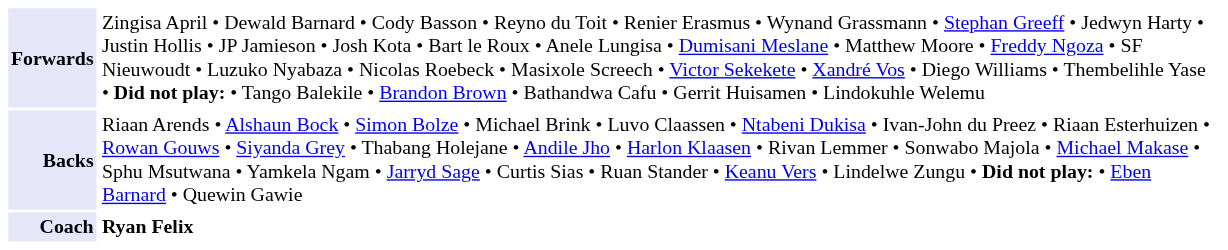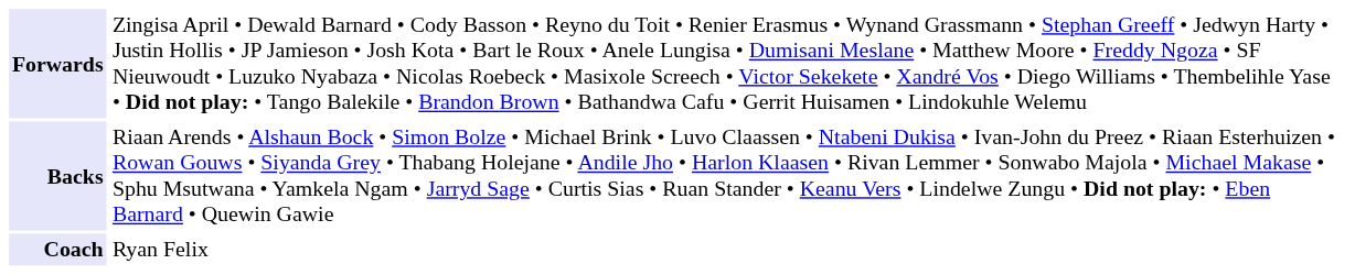 <table cellpadding="2" style="border: 1px solid white; font-size:90%;">
 <tr>
 <td style="text-align:right;" bgcolor="lavender"><strong>Forwards</strong></td>
 <td style="text-align:left;">Zingisa April • Dewald Barnard • Cody Basson • Reyno du Toit • Renier Erasmus • Wynand Grassmann • <a href='#'>Stephan Greeff</a> • Jedwyn Harty • Justin Hollis • JP Jamieson • Josh Kota • Bart le Roux • Anele Lungisa • <a href='#'>Dumisani Meslane</a> • Matthew Moore • <a href='#'>Freddy Ngoza</a> • SF Nieuwoudt • Luzuko Nyabaza • Nicolas Roebeck • Masixole Screech • <a href='#'>Victor Sekekete</a> • <a href='#'>Xandré Vos</a> • Diego Williams • Thembelihle Yase • <strong>Did not play:</strong> • Tango Balekile • <a href='#'>Brandon Brown</a> • Bathandwa Cafu • Gerrit Huisamen • Lindokuhle Welemu</td>
 </tr>
 <tr>
 <td style="text-align:right;" bgcolor="lavender"><strong>Backs</strong></td>
 <td style="text-align:left;">Riaan Arends • <a href='#'>Alshaun Bock</a> • <a href='#'>Simon Bolze</a> • Michael Brink • Luvo Claassen • <a href='#'>Ntabeni Dukisa</a> • Ivan-John du Preez • Riaan Esterhuizen • <a href='#'>Rowan Gouws</a> • <a href='#'>Siyanda Grey</a> • Thabang Holejane • <a href='#'>Andile Jho</a> • <a href='#'>Harlon Klaasen</a> • Rivan Lemmer • Sonwabo Majola • <a href='#'>Michael Makase</a> • Sphu Msutwana • Yamkela Ngam • <a href='#'>Jarryd Sage</a> • Curtis Sias • Ruan Stander • <a href='#'>Keanu Vers</a> • Lindelwe Zungu • <strong>Did not play:</strong> • <a href='#'>Eben Barnard</a> • Quewin Gawie</td>
 </tr>
 <tr>
 <td style="text-align:right;" bgcolor="lavender"><strong>Coach</strong></td>
-<td style="text-align:left;"><strong>Ryan Felix</strong></td>
+<td style="text-align:left;">Ryan Felix</td>
 </tr>
 </table>
